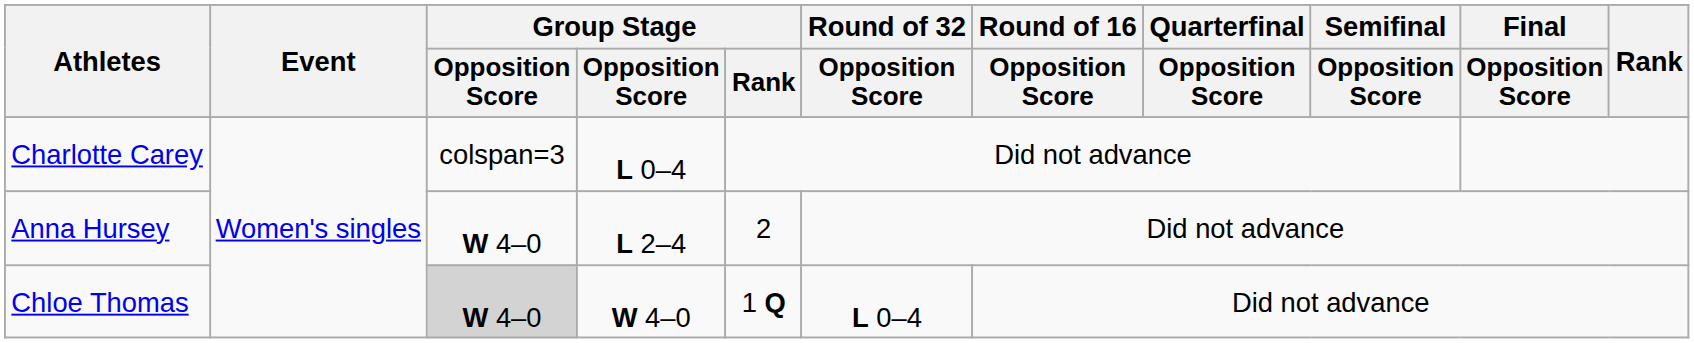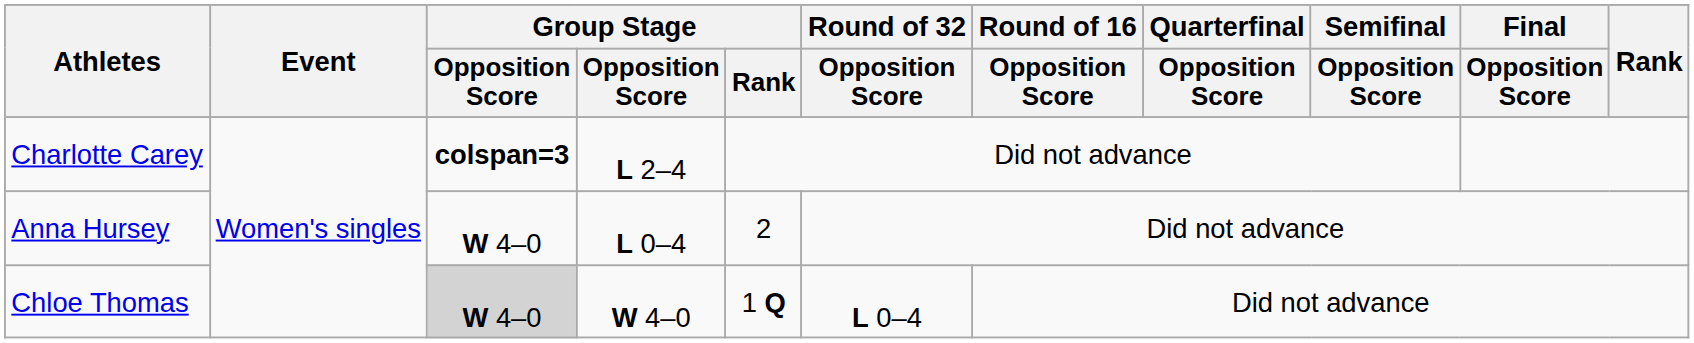 <table class="wikitable" style="font-size:90%">
 <tr>
 <th rowspan=2>Athletes</th>
 <th rowspan=2>Event</th>
 <th colspan=3>Group Stage</th>
 <th>Round of 32</th>
 <th>Round of 16</th>
 <th>Quarterfinal</th>
 <th>Semifinal</th>
 <th>Final</th>
 <th rowspan=2>Rank</th>
 </tr>
 <tr style="font-size:95%">
 <th>Opposition<br>Score</th>
 <th>Opposition<br>Score</th>
 <th>Rank</th>
 <th>Opposition<br>Score</th>
 <th>Opposition<br>Score</th>
 <th>Opposition<br>Score</th>
 <th>Opposition<br>Score</th>
 <th>Opposition<br>Score</th>
 </tr>
 <tr align=center>
 <td align=left><a href='#'>Charlotte Carey</a></td>
 <td align=left rowspan=3><a href='#'>Women's singles</a></td>
-<td>colspan=3</td>
-<td><br><strong>L</strong> 0–4</td>
+<td><strong>colspan=3</strong></td>
+<td><br><strong>L</strong> 2–4</td>
 <td colspan=5>Did not advance</td>
 </tr>
 <tr align=center>
 <td align=left><a href='#'>Anna Hursey</a></td>
 <td><br><strong>W</strong> 4–0</td>
-<td><br><strong>L</strong> 2–4</td>
+<td><br><strong>L</strong> 0–4</td>
 <td>2</td>
 <td colspan=6>Did not advance</td>
 </tr>
 <tr align=center>
 <td align=left><a href='#'>Chloe Thomas</a></td>
 <td style="background: lightgrey;"><br><strong>W</strong> 4–0</td>
 <td><br><strong>W</strong> 4–0</td>
 <td>1 <strong>Q</strong></td>
 <td><br><strong>L</strong> 0–4</td>
 <td colspan=5>Did not advance</td>
 </tr>
 </table>
